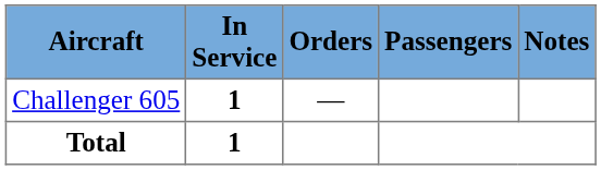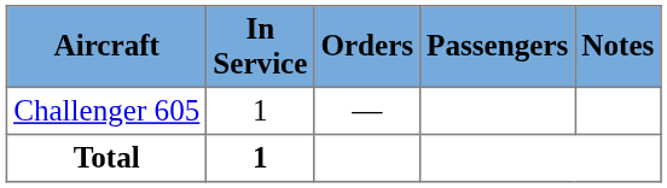 <table class="toccolours" border="1" cellpadding="3" style="margin:1em auto; border-collapse:collapse">
 <tr bgcolor=#75aadb>
 <th>Aircraft</th>
 <th>In<br>Service</th>
 <th>Orders</th>
 <th>Passengers</th>
 <th>Notes</th>
 </tr>
 <tr>
 <td><a href='#'>Challenger 605</a></td>
-<td align="center"><strong>1</strong></td>
+<td align="center">1</td>
 <td align="center">—</td>
 <td align="center"></td>
 <td></td>
 </tr>
 <tr>
 <th>Total</th>
 <th>1</th>
 <th></th>
 <th colspan="2"></th>
 </tr>
 </table>
